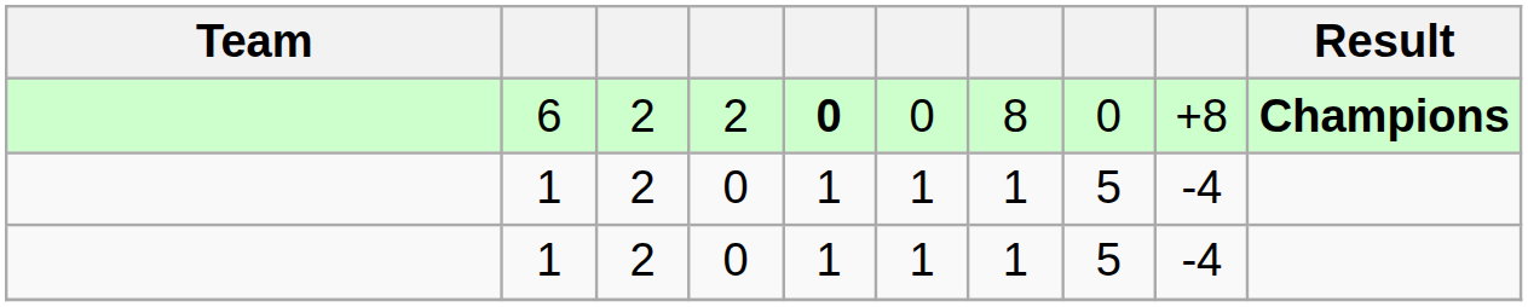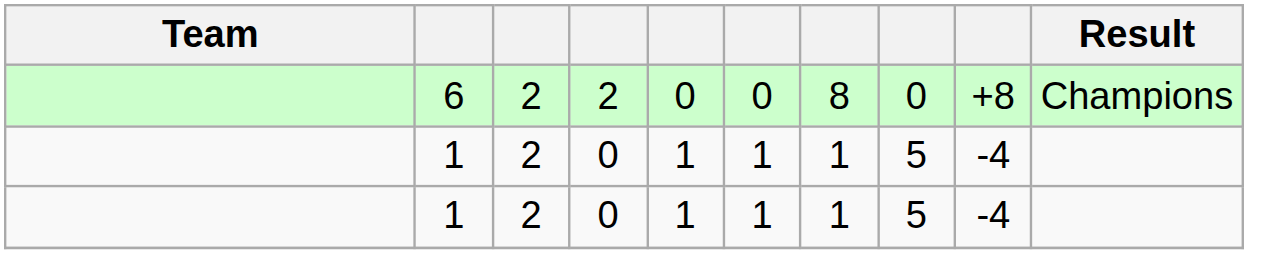 <table class="wikitable" style="text-align:center;">
 <tr>
 <th width=165>Team</th>
 <th width=25></th>
 <th width=25></th>
 <th width=25></th>
 <th width=25></th>
 <th width=25></th>
 <th width=25></th>
 <th width=25></th>
 <th width=25></th>
 <th>Result</th>
 </tr>
 <tr bgcolor="#ccffcc">
 <td style="text-align:left;"></td>
 <td>6</td>
 <td>2</td>
 <td>2</td>
-<td><strong>0</strong></td>
+<td>0</td>
 <td>0</td>
 <td>8</td>
 <td>0</td>
 <td>+8</td>
-<td><strong>Champions</strong></td>
+<td>Champions</td>
 </tr>
 <tr>
 <td style="text-align:left;"></td>
 <td>1</td>
 <td>2</td>
 <td>0</td>
 <td>1</td>
 <td>1</td>
 <td>1</td>
 <td>5</td>
 <td>-4</td>
 <td></td>
 </tr>
 <tr>
 <td style="text-align:left;"></td>
 <td>1</td>
 <td>2</td>
 <td>0</td>
 <td>1</td>
 <td>1</td>
 <td>1</td>
 <td>5</td>
 <td>-4</td>
 <td></td>
 </tr>
 <tr>
 </tr>
 </table>
